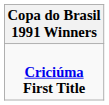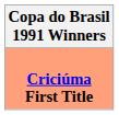 <table class="wikitable" style="text-align: center; margin: 0 auto;">
 <tr>
 <th>Copa do Brasil<br>1991 Winners</th>
 </tr>
 <tr>
-<td><br><strong><a href='#'>Criciúma</a></strong><br><strong>First Title</strong></td>
+<td style="background: lightsalmon;"><br><strong><a href='#'>Criciúma</a></strong><br><strong>First Title</strong></td>
 </tr>
 </table>
